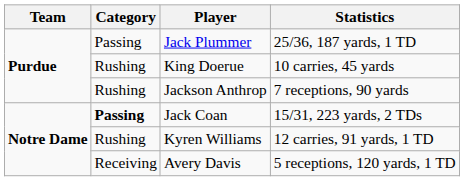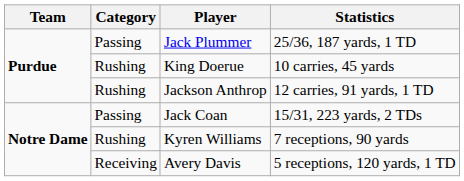 <table class="wikitable" style="float: left;">
 <tr>
 <th>Team</th>
 <th>Category</th>
 <th>Player</th>
 <th>Statistics</th>
 </tr>
 <tr>
 <td rowspan=3><strong>Purdue</strong></td>
 <td>Passing</td>
 <td><a href='#'>Jack Plummer</a></td>
 <td>25/36, 187 yards, 1 TD</td>
 </tr>
 <tr>
 <td>Rushing</td>
 <td>King Doerue</td>
 <td>10 carries, 45 yards</td>
 </tr>
 <tr>
 <td>Rushing</td>
 <td>Jackson Anthrop</td>
-<td>7 receptions, 90 yards</td>
+<td>12 carries, 91 yards, 1 TD</td>
 </tr>
 <tr>
 <td rowspan=3><strong>Notre Dame</strong></td>
-<td><strong>Passing</strong></td>
+<td>Passing</td>
 <td>Jack Coan</td>
 <td>15/31, 223 yards, 2 TDs</td>
 </tr>
 <tr>
 <td>Rushing</td>
 <td>Kyren Williams</td>
-<td>12 carries, 91 yards, 1 TD</td>
+<td>7 receptions, 90 yards</td>
 </tr>
 <tr>
 <td>Receiving</td>
 <td>Avery Davis</td>
 <td>5 receptions, 120 yards, 1 TD</td>
 </tr>
 </table>
